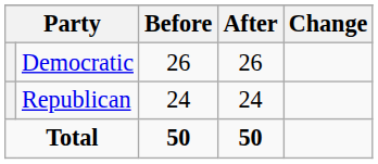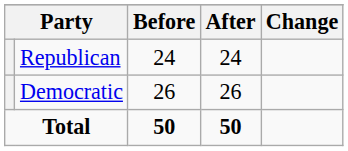 <table class="wikitable" style="text-align:center;">
 <tr>
 </tr>
 <tr>
 <th colspan=2>Party</th>
 <th>Before</th>
 <th>After</th>
 <th>Change</th>
 </tr>
 <tr>
 <th style="background-color:"></th>
-<td style="text-align:left;"><a href='#'>Democratic</a></td>
-<td>26</td>
-<td>26</td>
+<td style="text-align:left;"><a href='#'>Republican</a></td>
+<td>24</td>
+<td>24</td>
 <td></td>
 </tr>
 <tr>
 <th style="background-color:"></th>
-<td style="text-align:left;"><a href='#'>Republican</a></td>
-<td>24</td>
-<td>24</td>
+<td style="text-align:left;"><a href='#'>Democratic</a></td>
+<td>26</td>
+<td>26</td>
 <td></td>
 </tr>
 <tr>
 <td colspan=2><strong>Total</strong></td>
 <td><strong>50</strong></td>
 <td><strong>50</strong></td>
 <td></td>
 </tr>
 </table>
